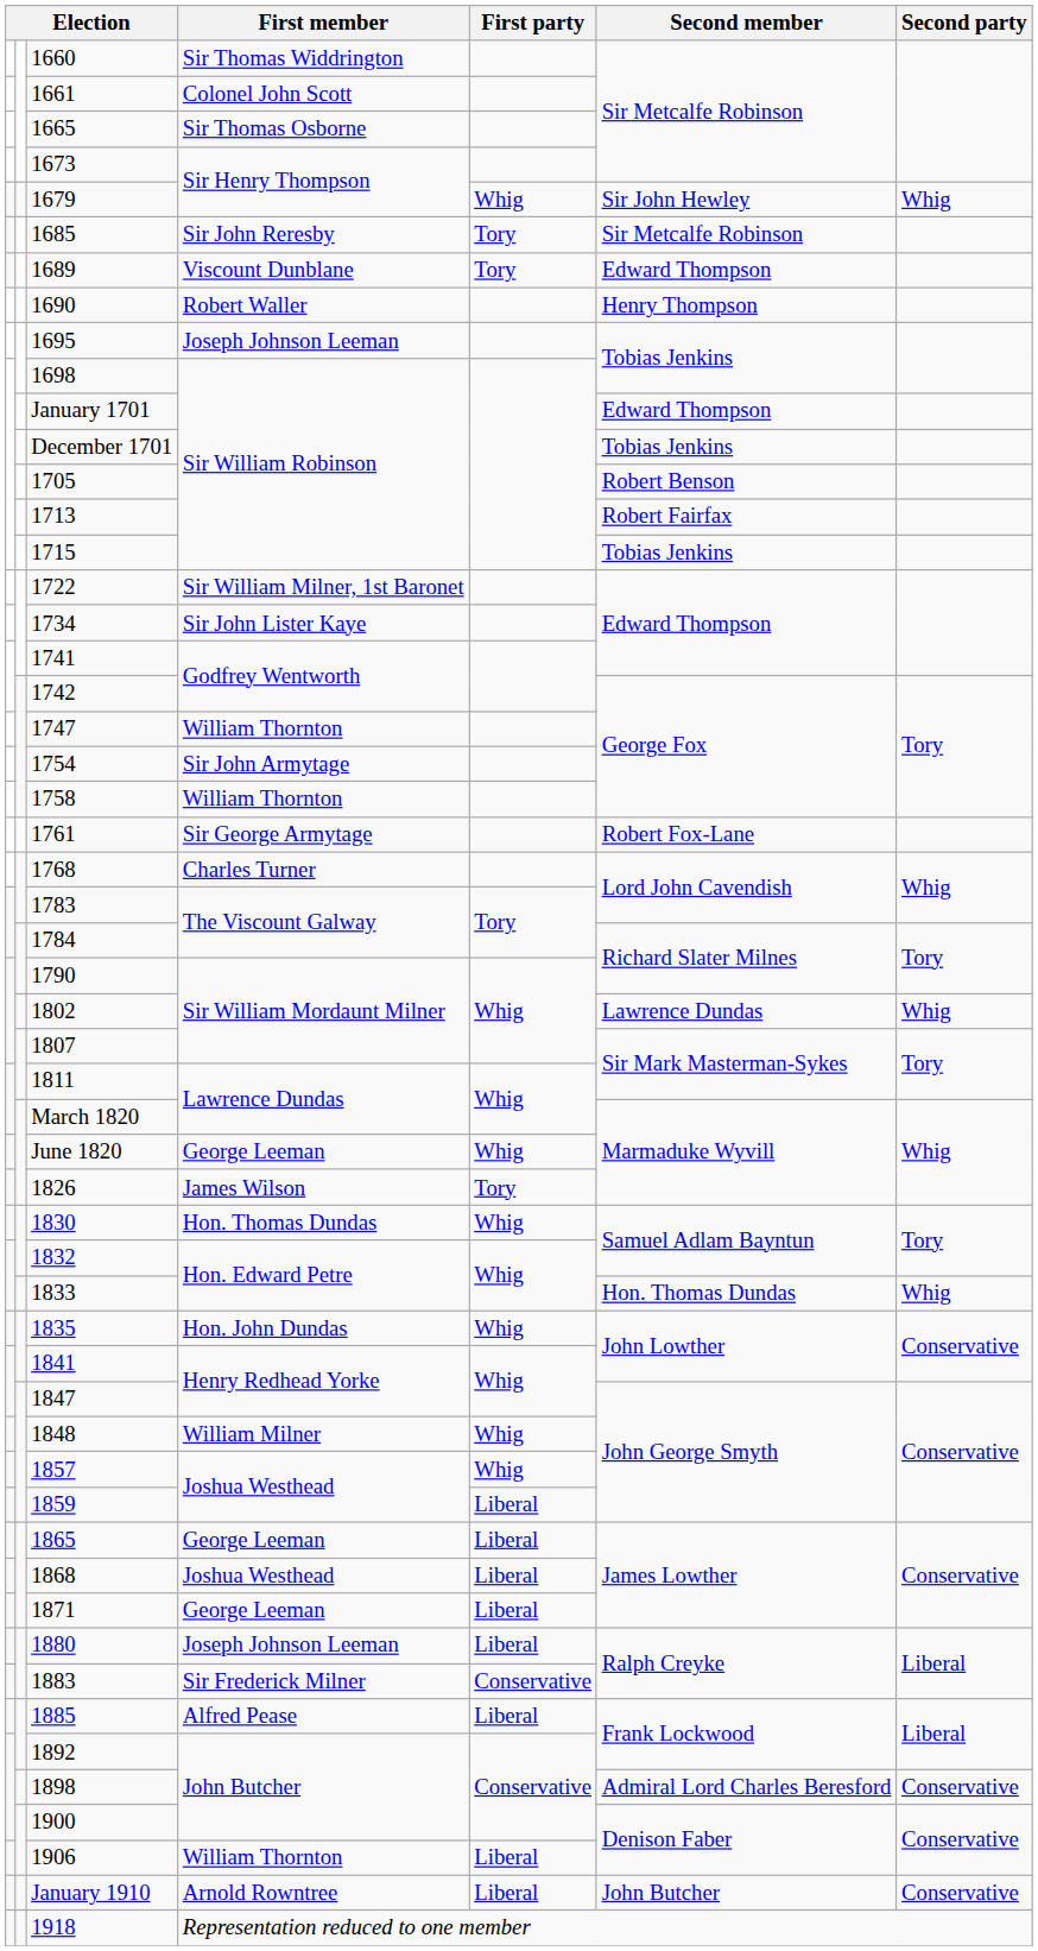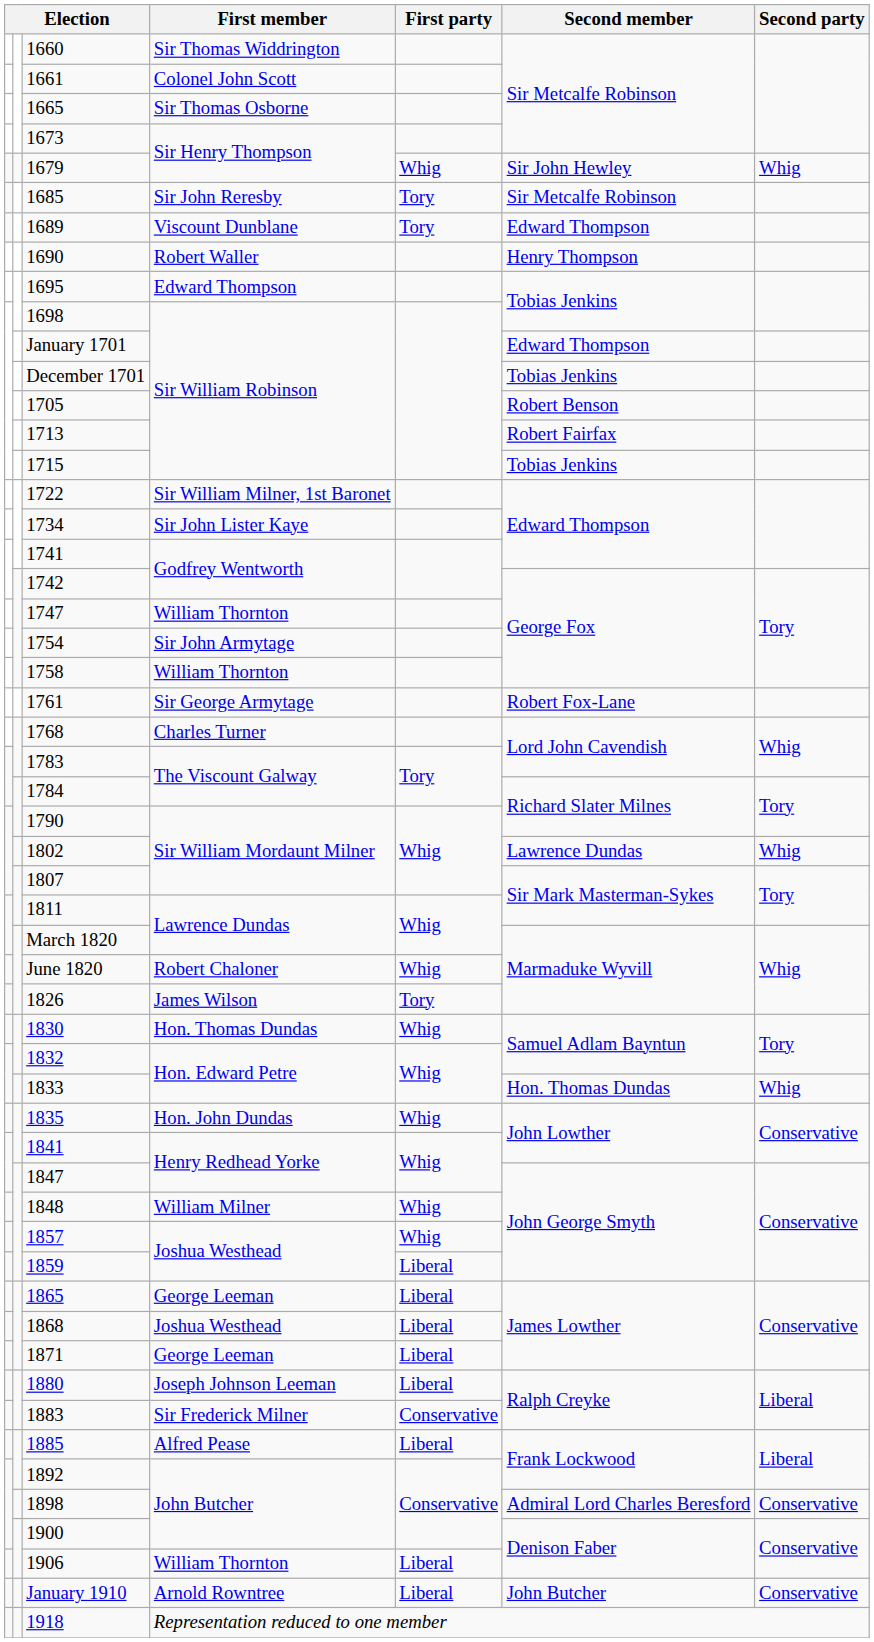 <table class="wikitable">
 <tr>
 <th colspan="3">Election</th>
 <th>First member</th>
 <th>First party</th>
 <th>Second member</th>
 <th>Second party</th>
 </tr>
 <tr>
 <td style="color:inherit;background-color: white"></td>
 <td rowspan="4" style="color:inherit;background-color: white"></td>
 <td>1660</td>
 <td><a href='#'>Sir Thomas Widdrington</a></td>
 <td></td>
 <td rowspan="4"><a href='#'>Sir Metcalfe Robinson</a></td>
 <td rowspan="4"></td>
 </tr>
 <tr>
 <td style="color:inherit;background-color: white"></td>
 <td>1661</td>
 <td><a href='#'>Colonel John Scott</a></td>
 <td></td>
 </tr>
 <tr>
 <td style="color:inherit;background-color: white"></td>
 <td>1665</td>
 <td><a href='#'>Sir Thomas Osborne</a></td>
 <td></td>
 </tr>
 <tr>
 <td style="color:inherit;background-color: white"></td>
 <td>1673</td>
 <td rowspan="2"><a href='#'>Sir Henry Thompson</a></td>
 <td></td>
 </tr>
 <tr>
 <td style="color:inherit;background-color: "></td>
 <td style="color:inherit;background-color: "></td>
 <td>1679</td>
 <td><a href='#'>Whig</a></td>
 <td><a href='#'>Sir John Hewley</a></td>
 <td><a href='#'>Whig</a></td>
 </tr>
 <tr>
 <td style="color:inherit;background-color: "></td>
 <td style="color:inherit;background-color: white"></td>
 <td>1685</td>
 <td><a href='#'>Sir John Reresby</a></td>
 <td><a href='#'>Tory</a></td>
 <td><a href='#'>Sir Metcalfe Robinson</a></td>
 <td></td>
 </tr>
 <tr>
 <td style="color:inherit;background-color: "></td>
 <td style="color:inherit;background-color: white"></td>
 <td>1689</td>
 <td><a href='#'>Viscount Dunblane</a></td>
 <td><a href='#'>Tory</a></td>
 <td><a href='#'>Edward Thompson</a></td>
 <td></td>
 </tr>
 <tr>
 <td style="color:inherit;background-color: white"></td>
 <td style="color:inherit;background-color: white"></td>
 <td>1690</td>
 <td><a href='#'>Robert Waller</a></td>
 <td></td>
 <td><a href='#'>Henry Thompson</a></td>
 <td></td>
 </tr>
 <tr>
 <td style="color:inherit;background-color: white"></td>
 <td rowspan="2" style="color:inherit;background-color: white"></td>
 <td>1695</td>
-<td><a href='#'>Joseph Johnson Leeman</a></td>
+<td><a href='#'>Edward Thompson</a></td>
 <td></td>
 <td rowspan="2"><a href='#'>Tobias Jenkins</a></td>
 <td rowspan="2"></td>
 </tr>
 <tr>
 <td rowspan="6" style="color:inherit;background-color: white"></td>
 <td>1698</td>
 <td rowspan="6"><a href='#'>Sir William Robinson</a></td>
 <td rowspan="6"></td>
 </tr>
 <tr>
 <td style="color:inherit;background-color: white"></td>
 <td>January 1701</td>
 <td><a href='#'>Edward Thompson</a></td>
 <td></td>
 </tr>
 <tr>
 <td style="color:inherit;background-color: white"></td>
 <td>December 1701</td>
 <td><a href='#'>Tobias Jenkins</a></td>
 <td></td>
 </tr>
 <tr>
 <td style="color:inherit;background-color: white"></td>
 <td>1705</td>
 <td><a href='#'>Robert Benson</a></td>
 <td></td>
 </tr>
 <tr>
 <td style="color:inherit;background-color: white"></td>
 <td>1713</td>
 <td><a href='#'>Robert Fairfax</a></td>
 <td></td>
 </tr>
 <tr>
 <td style="color:inherit;background-color: white"></td>
 <td>1715</td>
 <td><a href='#'>Tobias Jenkins</a></td>
 <td></td>
 </tr>
 <tr>
 <td style="color:inherit;background-color: white"></td>
 <td rowspan="3" style="color:inherit;background-color: white"></td>
 <td>1722</td>
 <td><a href='#'>Sir William Milner, 1st Baronet</a></td>
 <td></td>
 <td rowspan="3"><a href='#'>Edward Thompson</a></td>
 <td rowspan="3"></td>
 </tr>
 <tr>
 <td style="color:inherit;background-color: white"></td>
 <td>1734</td>
 <td><a href='#'>Sir John Lister Kaye</a></td>
 <td></td>
 </tr>
 <tr>
 <td rowspan="2" style="color:inherit;background-color: white"></td>
 <td>1741</td>
 <td rowspan="2"><a href='#'>Godfrey Wentworth</a></td>
 <td rowspan="2"></td>
 </tr>
 <tr>
 <td rowspan="4" style="color:inherit;background-color: "></td>
 <td>1742</td>
 <td rowspan="4"><a href='#'>George Fox</a></td>
 <td rowspan="4"><a href='#'>Tory</a></td>
 </tr>
 <tr>
 <td style="color:inherit;background-color: white"></td>
 <td>1747</td>
 <td><a href='#'>William Thornton</a></td>
 <td></td>
 </tr>
 <tr>
 <td style="color:inherit;background-color: white"></td>
 <td>1754</td>
 <td><a href='#'>Sir John Armytage</a></td>
 <td></td>
 </tr>
 <tr>
 <td style="color:inherit;background-color: white"></td>
 <td>1758</td>
 <td><a href='#'>William Thornton</a></td>
 <td></td>
 </tr>
 <tr>
 <td style="color:inherit;background-color: white"></td>
 <td style="color:inherit;background-color: white"></td>
 <td>1761</td>
 <td><a href='#'>Sir George Armytage</a></td>
 <td></td>
 <td><a href='#'>Robert Fox-Lane</a></td>
 <td></td>
 </tr>
 <tr>
 <td style="color:inherit;background-color: white"></td>
 <td rowspan="2" style="color:inherit;background-color: "></td>
 <td>1768</td>
 <td><a href='#'>Charles Turner</a></td>
 <td></td>
 <td rowspan="2"><a href='#'>Lord John Cavendish</a></td>
 <td rowspan="2"><a href='#'>Whig</a></td>
 </tr>
 <tr>
 <td rowspan="2" style="color:inherit;background-color: "></td>
 <td>1783</td>
 <td rowspan="2"><a href='#'>The Viscount Galway</a></td>
 <td rowspan="2"><a href='#'>Tory</a></td>
 </tr>
 <tr>
 <td rowspan="2" style="color:inherit;background-color: "></td>
 <td>1784</td>
 <td rowspan="2"><a href='#'>Richard Slater Milnes</a></td>
 <td rowspan="2"><a href='#'>Tory</a></td>
 </tr>
 <tr>
 <td rowspan="3" style="color:inherit;background-color: "></td>
 <td>1790</td>
 <td rowspan="3"><a href='#'>Sir William Mordaunt Milner</a></td>
 <td rowspan="3"><a href='#'>Whig</a></td>
 </tr>
 <tr>
 <td style="color:inherit;background-color: "></td>
 <td>1802</td>
 <td><a href='#'>Lawrence Dundas</a></td>
 <td><a href='#'>Whig</a></td>
 </tr>
 <tr>
 <td rowspan="2" style="color:inherit;background-color: "></td>
 <td>1807</td>
 <td rowspan="2"><a href='#'>Sir Mark Masterman-Sykes</a></td>
 <td rowspan="2"><a href='#'>Tory</a></td>
 </tr>
 <tr>
 <td rowspan="2" style="color:inherit;background-color: "></td>
 <td>1811</td>
 <td rowspan="2"><a href='#'>Lawrence Dundas</a></td>
 <td rowspan="2"><a href='#'>Whig</a></td>
 </tr>
 <tr>
 <td rowspan="3" style="color:inherit;background-color: "></td>
 <td>March 1820</td>
 <td rowspan="3"><a href='#'>Marmaduke Wyvill</a></td>
 <td rowspan="3"><a href='#'>Whig</a></td>
 </tr>
 <tr>
 <td style="color:inherit;background-color: "></td>
 <td>June 1820</td>
-<td><a href='#'>George Leeman</a></td>
+<td><a href='#'>Robert Chaloner</a></td>
 <td><a href='#'>Whig</a></td>
 </tr>
 <tr>
 <td style="color:inherit;background-color: "></td>
 <td>1826</td>
 <td><a href='#'>James Wilson</a></td>
 <td><a href='#'>Tory</a></td>
 </tr>
 <tr>
 <td style="color:inherit;background-color: "></td>
 <td rowspan="2" style="color:inherit;background-color: "></td>
 <td><a href='#'>1830</a></td>
 <td><a href='#'>Hon. Thomas Dundas</a></td>
 <td><a href='#'>Whig</a></td>
 <td rowspan="2"><a href='#'>Samuel Adlam Bayntun</a></td>
 <td rowspan="2"><a href='#'>Tory</a></td>
 </tr>
 <tr>
 <td rowspan="2" style="color:inherit;background-color: "></td>
 <td><a href='#'>1832</a></td>
 <td rowspan="2"><a href='#'>Hon. Edward Petre</a></td>
 <td rowspan="2"><a href='#'>Whig</a></td>
 </tr>
 <tr>
 <td style="color:inherit;background-color: "></td>
 <td>1833</td>
 <td><a href='#'>Hon. Thomas Dundas</a></td>
 <td><a href='#'>Whig</a></td>
 </tr>
 <tr>
 <td style="color:inherit;background-color: "></td>
 <td rowspan="2" style="color:inherit;background-color: "></td>
 <td><a href='#'>1835</a></td>
 <td><a href='#'>Hon. John Dundas</a></td>
 <td><a href='#'>Whig</a></td>
 <td rowspan="2"><a href='#'>John Lowther</a></td>
 <td rowspan="2"><a href='#'>Conservative</a></td>
 </tr>
 <tr>
 <td rowspan="2" style="color:inherit;background-color: "></td>
 <td><a href='#'>1841</a></td>
 <td rowspan="2"><a href='#'>Henry Redhead Yorke</a></td>
 <td rowspan="2"><a href='#'>Whig</a></td>
 </tr>
 <tr>
 <td rowspan="4" style="color:inherit;background-color: "></td>
 <td>1847</td>
 <td rowspan="4"><a href='#'>John George Smyth</a></td>
 <td rowspan="4"><a href='#'>Conservative</a></td>
 </tr>
 <tr>
 <td style="color:inherit;background-color: "></td>
 <td>1848</td>
 <td><a href='#'>William Milner</a></td>
 <td><a href='#'>Whig</a></td>
 </tr>
 <tr>
 <td style="color:inherit;background-color: "></td>
 <td><a href='#'>1857</a></td>
 <td rowspan="2"><a href='#'>Joshua Westhead</a></td>
 <td><a href='#'>Whig</a></td>
 </tr>
 <tr>
 <td style="color:inherit;background-color: "></td>
 <td><a href='#'>1859</a></td>
 <td><a href='#'>Liberal</a></td>
 </tr>
 <tr>
 <td style="color:inherit;background-color: "></td>
 <td rowspan="3" style="color:inherit;background-color: "></td>
 <td><a href='#'>1865</a></td>
 <td><a href='#'>George Leeman</a></td>
 <td><a href='#'>Liberal</a></td>
 <td rowspan="3"><a href='#'>James Lowther</a></td>
 <td rowspan="3"><a href='#'>Conservative</a></td>
 </tr>
 <tr>
 <td style="color:inherit;background-color: "></td>
 <td>1868</td>
 <td><a href='#'>Joshua Westhead</a></td>
 <td><a href='#'>Liberal</a></td>
 </tr>
 <tr>
 <td style="color:inherit;background-color: "></td>
 <td>1871</td>
 <td><a href='#'>George Leeman</a></td>
 <td><a href='#'>Liberal</a></td>
 </tr>
 <tr>
 <td style="color:inherit;background-color: "></td>
 <td rowspan="2" style="color:inherit;background-color: "></td>
 <td><a href='#'>1880</a></td>
 <td><a href='#'>Joseph Johnson Leeman</a></td>
 <td><a href='#'>Liberal</a></td>
 <td rowspan="2"><a href='#'>Ralph Creyke</a></td>
 <td rowspan="2"><a href='#'>Liberal</a></td>
 </tr>
 <tr>
 <td style="color:inherit;background-color: "></td>
 <td>1883</td>
 <td><a href='#'>Sir Frederick Milner</a></td>
 <td><a href='#'>Conservative</a></td>
 </tr>
 <tr>
 <td style="color:inherit;background-color: "></td>
 <td rowspan="2" style="color:inherit;background-color: "></td>
 <td><a href='#'>1885</a></td>
 <td><a href='#'>Alfred Pease</a></td>
 <td><a href='#'>Liberal</a></td>
 <td rowspan="2"><a href='#'>Frank Lockwood</a></td>
 <td rowspan="2"><a href='#'>Liberal</a></td>
 </tr>
 <tr>
 <td rowspan="3" style="color:inherit;background-color: "></td>
 <td>1892</td>
 <td rowspan="3"><a href='#'>John Butcher</a></td>
 <td rowspan="3"><a href='#'>Conservative</a></td>
 </tr>
 <tr>
 <td style="color:inherit;background-color: "></td>
 <td>1898</td>
 <td><a href='#'>Admiral Lord Charles Beresford</a></td>
 <td><a href='#'>Conservative</a></td>
 </tr>
 <tr>
 <td rowspan="2" style="color:inherit;background-color: "></td>
 <td>1900</td>
 <td rowspan="2"><a href='#'>Denison Faber</a></td>
 <td rowspan="2"><a href='#'>Conservative</a></td>
 </tr>
 <tr>
 <td style="color:inherit;background-color: "></td>
 <td>1906</td>
 <td><a href='#'>William Thornton</a></td>
 <td><a href='#'>Liberal</a></td>
 </tr>
 <tr>
 <td style="color:inherit;background-color: "></td>
 <td style="color:inherit;background-color: "></td>
 <td><a href='#'>January 1910</a></td>
 <td><a href='#'>Arnold Rowntree</a></td>
 <td><a href='#'>Liberal</a></td>
 <td><a href='#'>John Butcher</a></td>
 <td><a href='#'>Conservative</a></td>
 </tr>
 <tr>
 <td></td>
 <td></td>
 <td><a href='#'>1918</a></td>
 <td colspan="4"><em>Representation reduced to one member</em></td>
 </tr>
 </table>
